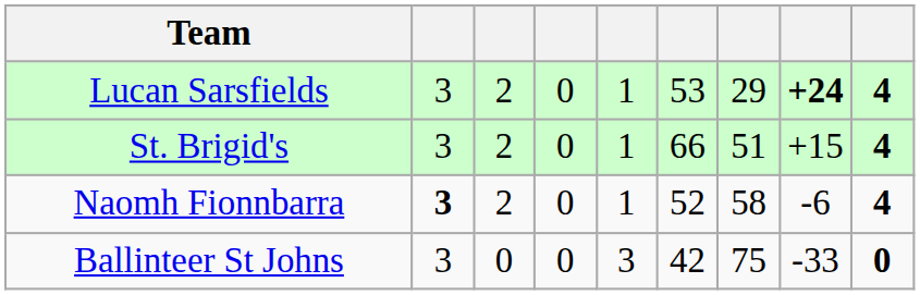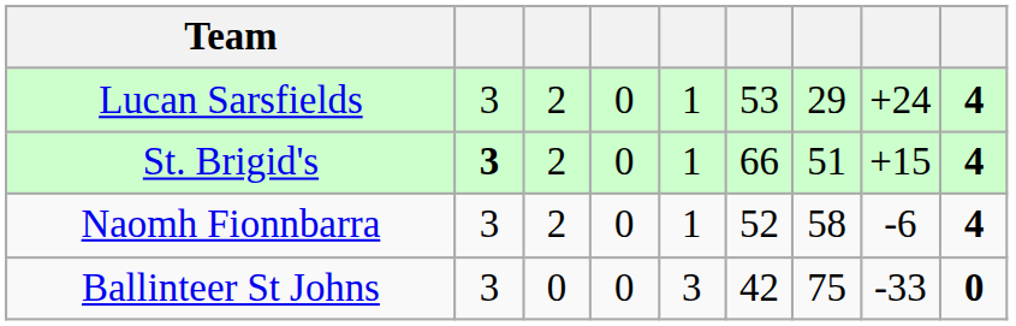 <table class="wikitable" style="text-align:center">
 <tr>
 <th style="width:175px;">Team</th>
 <th width="20"></th>
 <th width="20"></th>
 <th width="20"></th>
 <th width="20"></th>
 <th width="20"></th>
 <th width="20"></th>
 <th width="20"></th>
 <th width="20"></th>
 </tr>
 <tr style="background:#cfc;">
 <td><a href='#'>Lucan Sarsfields</a></td>
 <td>3</td>
 <td>2</td>
 <td>0</td>
 <td>1</td>
 <td>53</td>
 <td>29</td>
-<td><strong>+24</strong></td>
+<td>+24</td>
 <td><strong>4</strong></td>
 </tr>
 <tr style="background:#cfc;">
 <td><a href='#'>St. Brigid's</a></td>
-<td>3</td>
+<td><strong>3</strong></td>
 <td>2</td>
 <td>0</td>
 <td>1</td>
 <td>66</td>
 <td>51</td>
 <td>+15</td>
 <td><strong>4</strong></td>
 </tr>
 <tr>
 <td><a href='#'>Naomh Fionnbarra</a></td>
-<td><strong>3</strong></td>
+<td>3</td>
 <td>2</td>
 <td>0</td>
 <td>1</td>
 <td>52</td>
 <td>58</td>
 <td>-6</td>
 <td><strong>4</strong></td>
 </tr>
 <tr>
 <td><a href='#'>Ballinteer St Johns</a></td>
 <td>3</td>
 <td>0</td>
 <td>0</td>
 <td>3</td>
 <td>42</td>
 <td>75</td>
 <td>-33</td>
 <td><strong>0</strong></td>
 </tr>
 </table>
